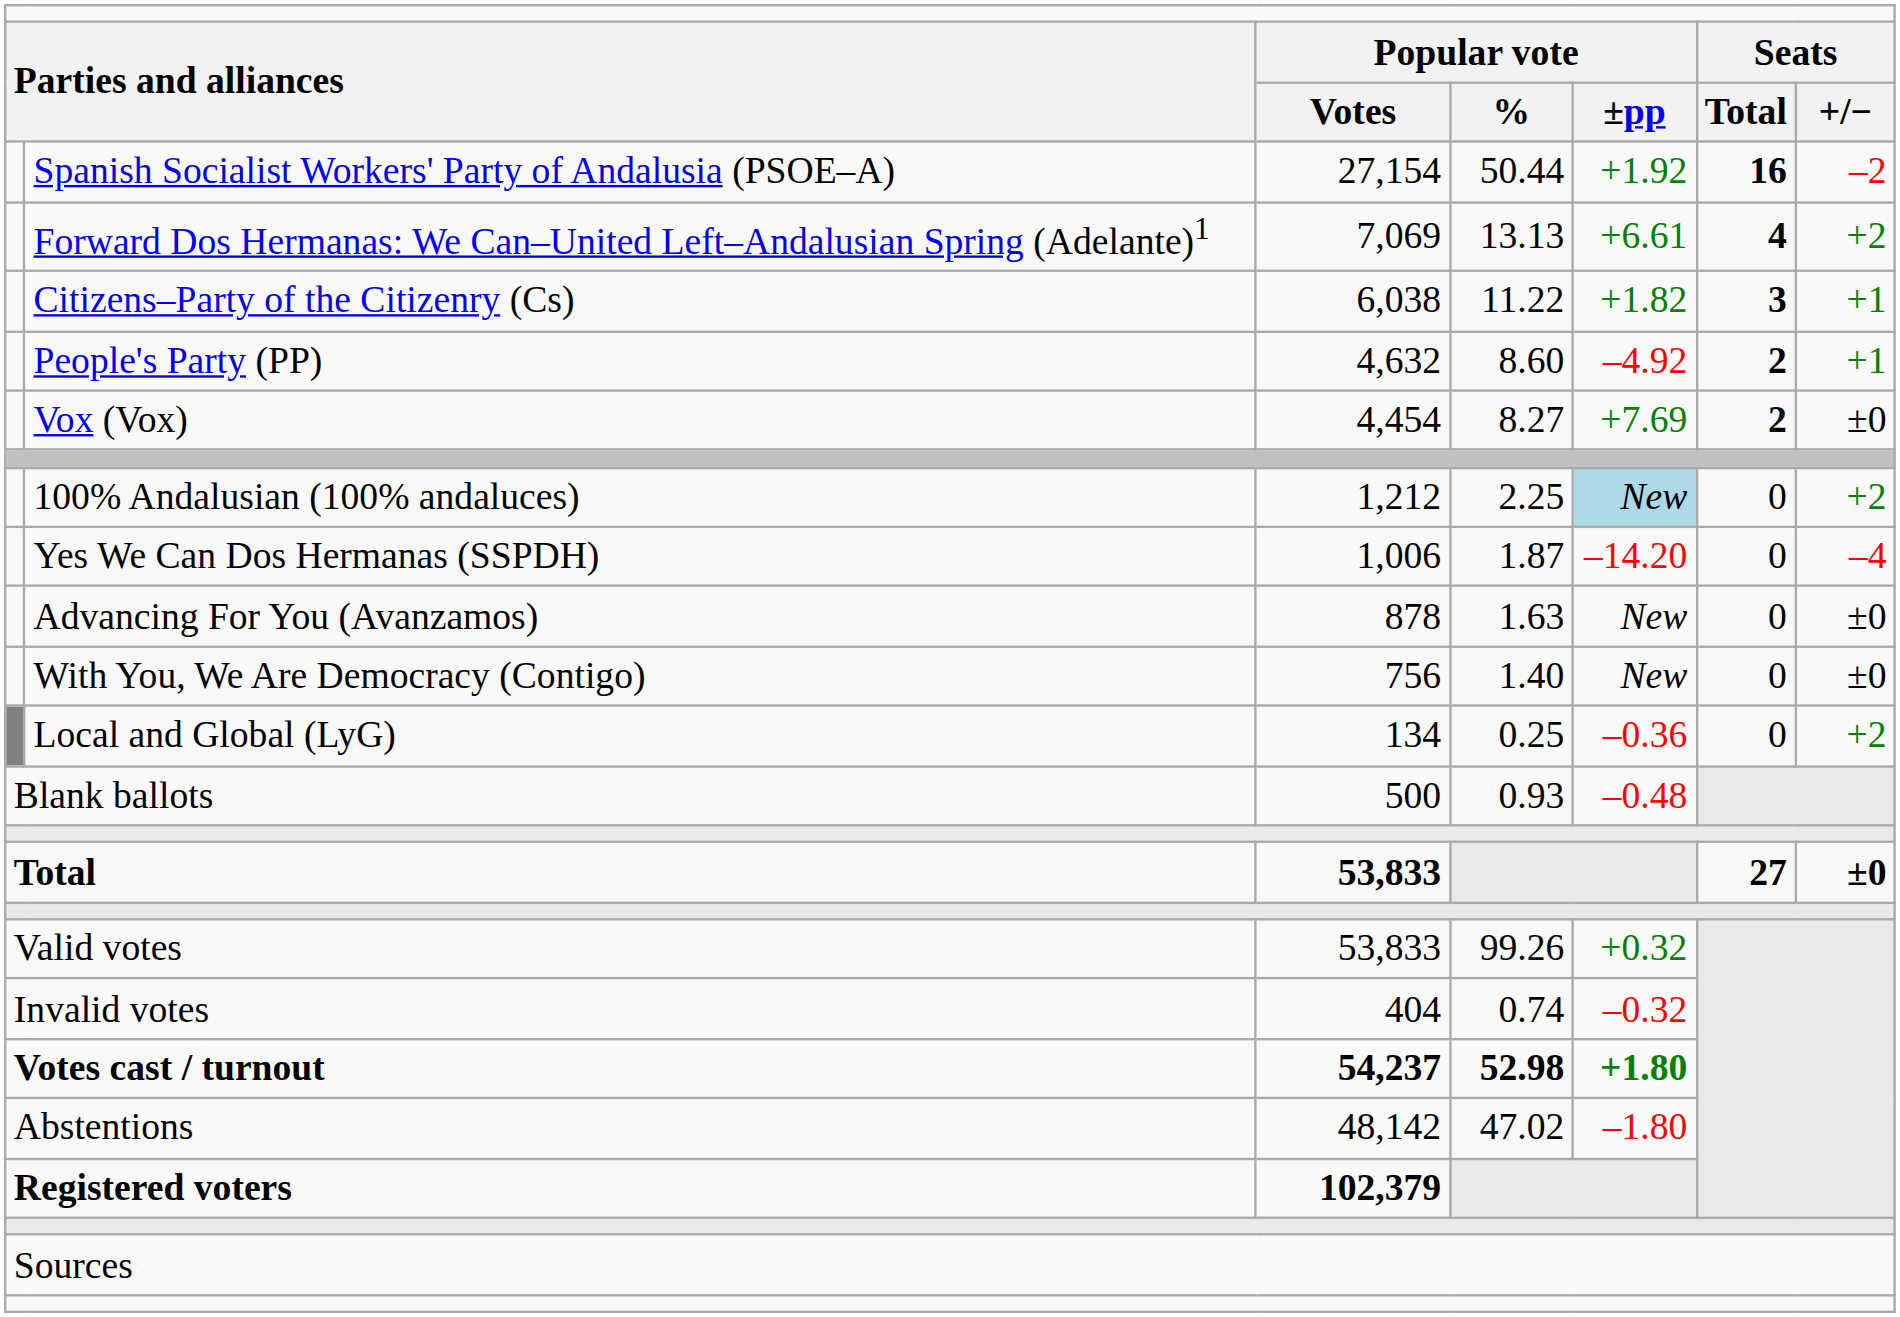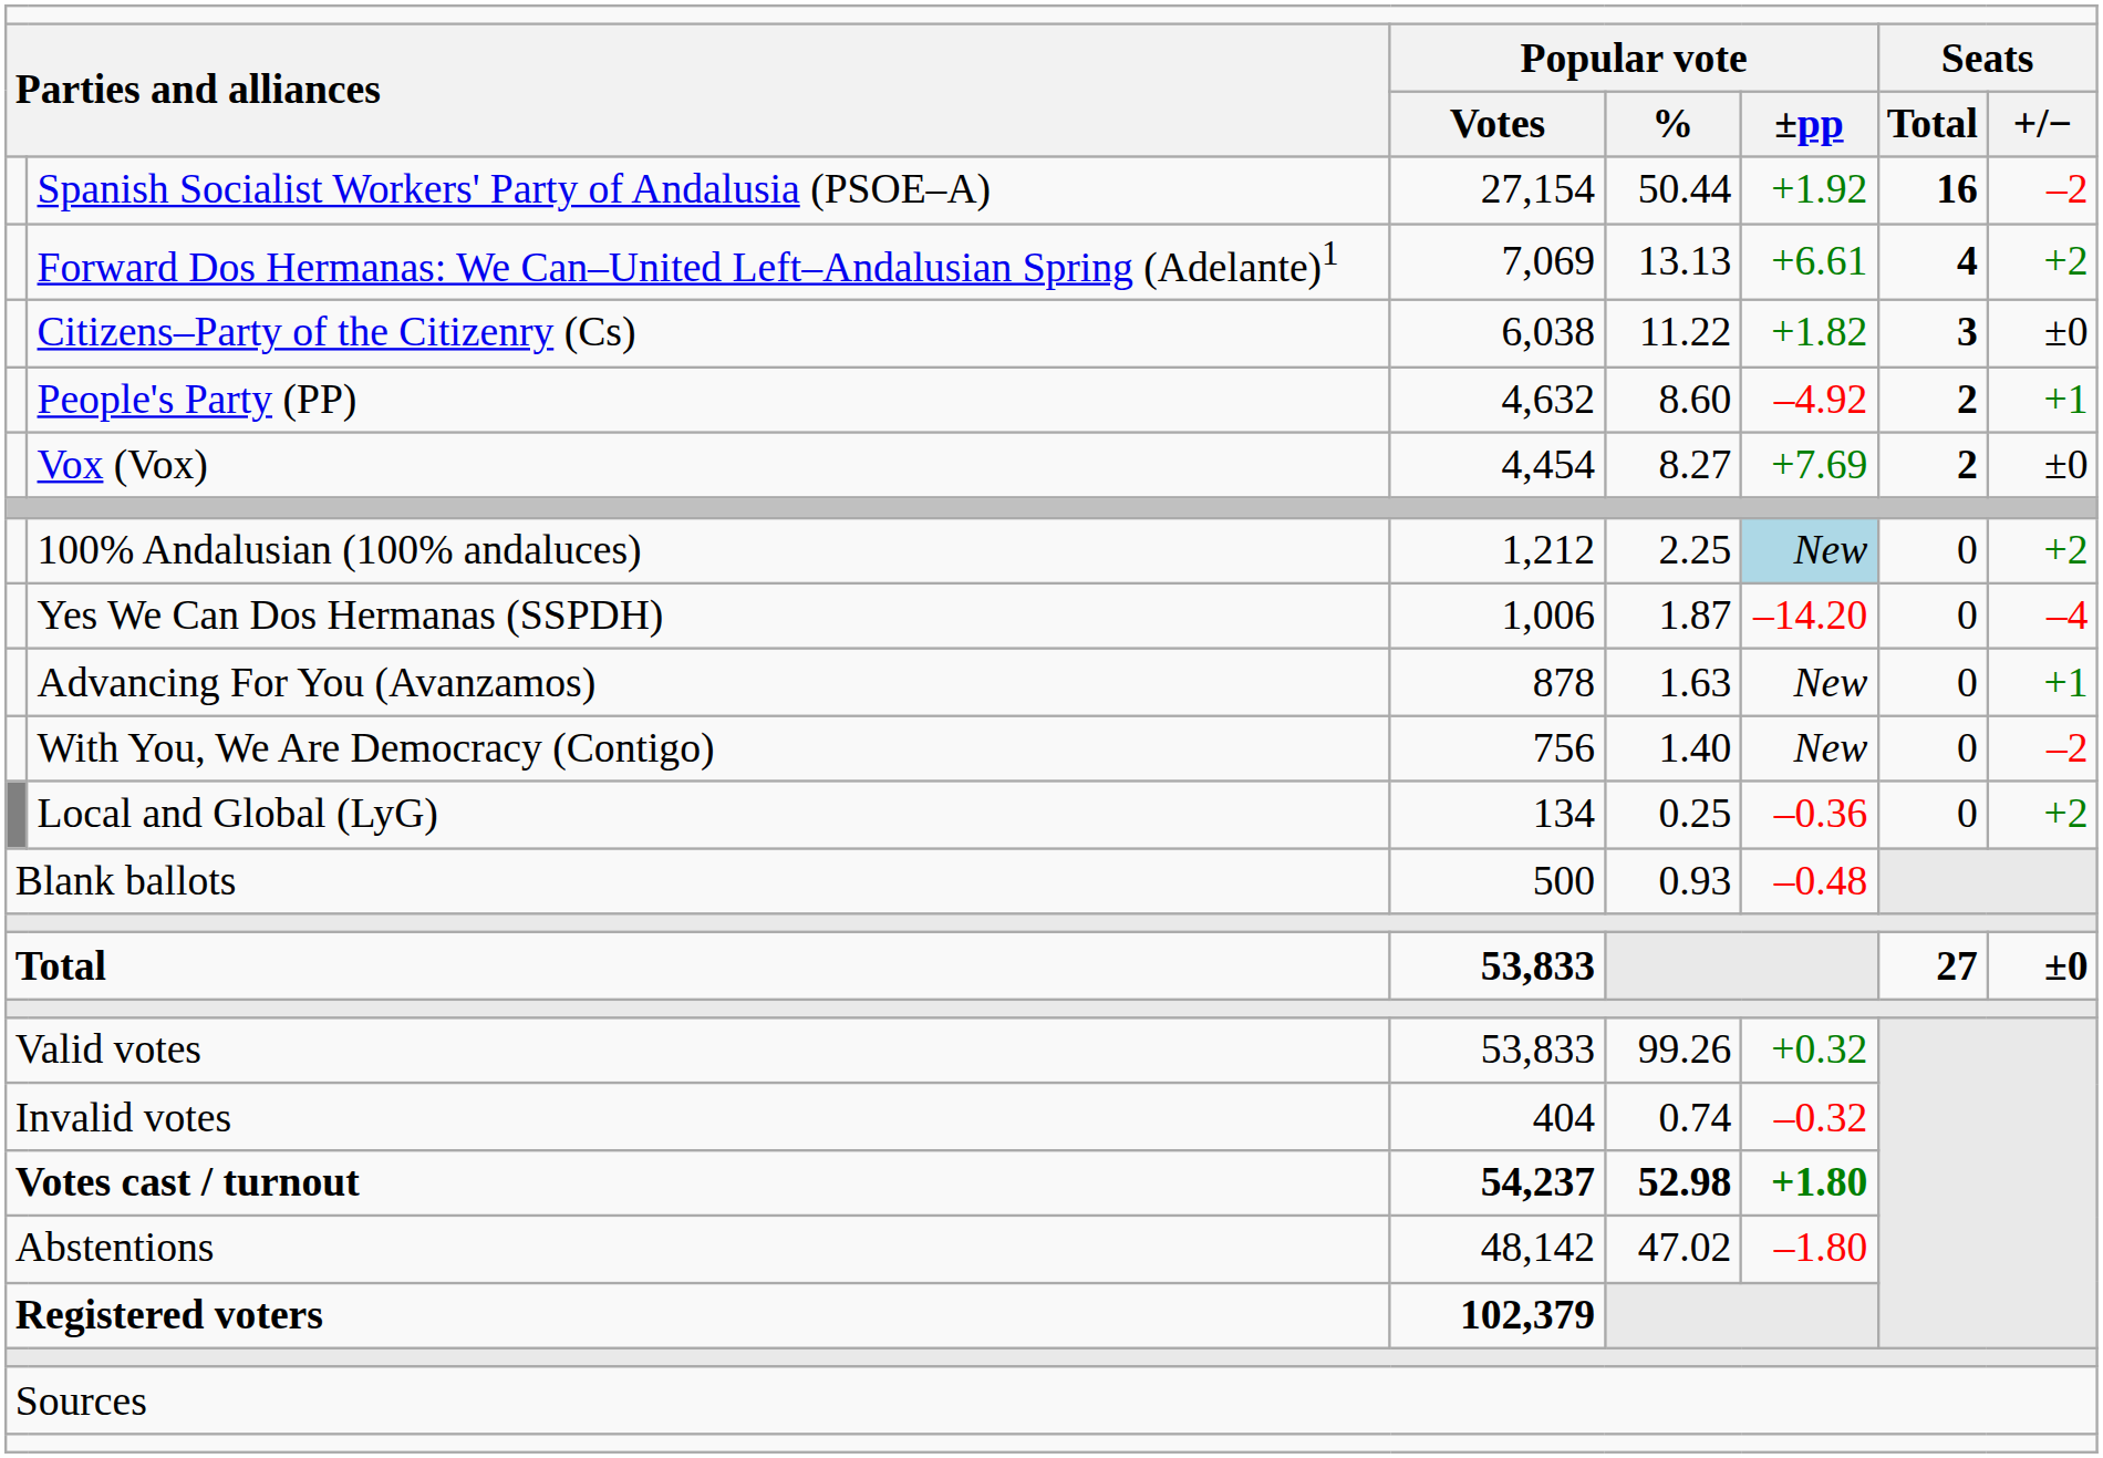 <table class="wikitable" style="text-align:right;">
 <tr>
 <td colspan="7"></td>
 </tr>
 <tr>
 <th style="text-align:left;" rowspan="2" colspan="2" width="525">Parties and alliances</th>
 <th colspan="3">Popular vote</th>
 <th colspan="2">Seats</th>
 </tr>
 <tr>
 <th width="75">Votes</th>
 <th width="45">%</th>
 <th width="45">±<a href='#'>pp</a></th>
 <th width="35">Total</th>
 <th width="35">+/−</th>
 </tr>
 <tr>
 <td width="1" style="color:inherit;background:"></td>
 <td align="left"><a href='#'>Spanish Socialist Workers' Party of Andalusia</a> (PSOE–A)</td>
 <td>27,154</td>
 <td>50.44</td>
 <td style="color:green;">+1.92</td>
 <td><strong>16</strong></td>
 <td style="color:red;">–2</td>
 </tr>
 <tr>
 <td style="color:inherit;background:"></td>
 <td align="left"><a href='#'>Forward Dos Hermanas: We Can–United Left–Andalusian Spring</a> (Adelante)<sup>1</sup></td>
 <td>7,069</td>
 <td>13.13</td>
 <td style="color:green;">+6.61</td>
 <td><strong>4</strong></td>
 <td style="color:green;">+2</td>
 </tr>
 <tr>
 <td style="color:inherit;background:"></td>
 <td align="left"><a href='#'>Citizens–Party of the Citizenry</a> (Cs)</td>
 <td>6,038</td>
 <td>11.22</td>
 <td style="color:green;">+1.82</td>
 <td><strong>3</strong></td>
-<td style="color:green;">+1</td>
+<td>±0</td>
 </tr>
 <tr>
 <td style="color:inherit;background:"></td>
 <td align="left"><a href='#'>People's Party</a> (PP)</td>
 <td>4,632</td>
 <td>8.60</td>
 <td style="color:red;">–4.92</td>
 <td><strong>2</strong></td>
 <td style="color:green;">+1</td>
 </tr>
 <tr>
 <td style="color:inherit;background:"></td>
 <td align="left"><a href='#'>Vox</a> (Vox)</td>
 <td>4,454</td>
 <td>8.27</td>
 <td style="color:green;">+7.69</td>
 <td><strong>2</strong></td>
 <td>±0</td>
 </tr>
 <tr>
 <td colspan="7" bgcolor="#C0C0C0"></td>
 </tr>
 <tr>
 <td style="color:inherit;background:"></td>
 <td align="left">100% Andalusian (100% andaluces)</td>
 <td>1,212</td>
 <td>2.25</td>
 <td style="background: lightblue;"><em>New</em></td>
 <td>0</td>
 <td style="color:green;">+2</td>
 </tr>
 <tr>
 <td style="color:inherit;background:"></td>
 <td align="left">Yes We Can Dos Hermanas (SSPDH)</td>
 <td>1,006</td>
 <td>1.87</td>
 <td style="color:red;">–14.20</td>
 <td>0</td>
 <td style="color:red;">–4</td>
 </tr>
 <tr>
 <td style="color:inherit;background:"></td>
 <td align="left">Advancing For You (Avanzamos)</td>
 <td>878</td>
 <td>1.63</td>
 <td><em>New</em></td>
 <td>0</td>
-<td>±0</td>
+<td style="color:green;">+1</td>
 </tr>
 <tr>
 <td style="color:inherit;background:"></td>
 <td align="left">With You, We Are Democracy (Contigo)</td>
 <td>756</td>
 <td>1.40</td>
 <td><em>New</em></td>
 <td>0</td>
-<td>±0</td>
+<td style="color:red;">–2</td>
 </tr>
 <tr>
 <td bgcolor="grey"></td>
 <td align="left">Local and Global (LyG)</td>
 <td>134</td>
 <td>0.25</td>
 <td style="color:red;">–0.36</td>
 <td>0</td>
 <td style="color:green;">+2</td>
 </tr>
 <tr>
 <td align="left" colspan="2">Blank ballots</td>
 <td>500</td>
 <td>0.93</td>
 <td style="color:red;">–0.48</td>
 <td bgcolor="#E9E9E9" colspan="2"></td>
 </tr>
 <tr>
 <td colspan="7" bgcolor="#E9E9E9"></td>
 </tr>
 <tr style="font-weight:bold;">
 <td align="left" colspan="2">Total</td>
 <td>53,833</td>
 <td bgcolor="#E9E9E9" colspan="2"></td>
 <td>27</td>
 <td>±0</td>
 </tr>
 <tr>
 <td colspan="7" bgcolor="#E9E9E9"></td>
 </tr>
 <tr>
 <td align="left" colspan="2">Valid votes</td>
 <td>53,833</td>
 <td>99.26</td>
 <td style="color:green;">+0.32</td>
 <td bgcolor="#E9E9E9" colspan="2" rowspan="5"></td>
 </tr>
 <tr>
 <td align="left" colspan="2">Invalid votes</td>
 <td>404</td>
 <td>0.74</td>
 <td style="color:red;">–0.32</td>
 </tr>
 <tr style="font-weight:bold;">
 <td align="left" colspan="2">Votes cast / turnout</td>
 <td>54,237</td>
 <td>52.98</td>
 <td style="color:green;">+1.80</td>
 </tr>
 <tr>
 <td align="left" colspan="2">Abstentions</td>
 <td>48,142</td>
 <td>47.02</td>
 <td style="color:red;">–1.80</td>
 </tr>
 <tr style="font-weight:bold;">
 <td align="left" colspan="2">Registered voters</td>
 <td>102,379</td>
 <td bgcolor="#E9E9E9" colspan="2"></td>
 </tr>
 <tr>
 <td colspan="7" bgcolor="#E9E9E9"></td>
 </tr>
 <tr>
 <td align="left" colspan="7">Sources</td>
 </tr>
 <tr>
 <td colspan="7" style="text-align:left; max-width:790px;"></td>
 </tr>
 </table>
